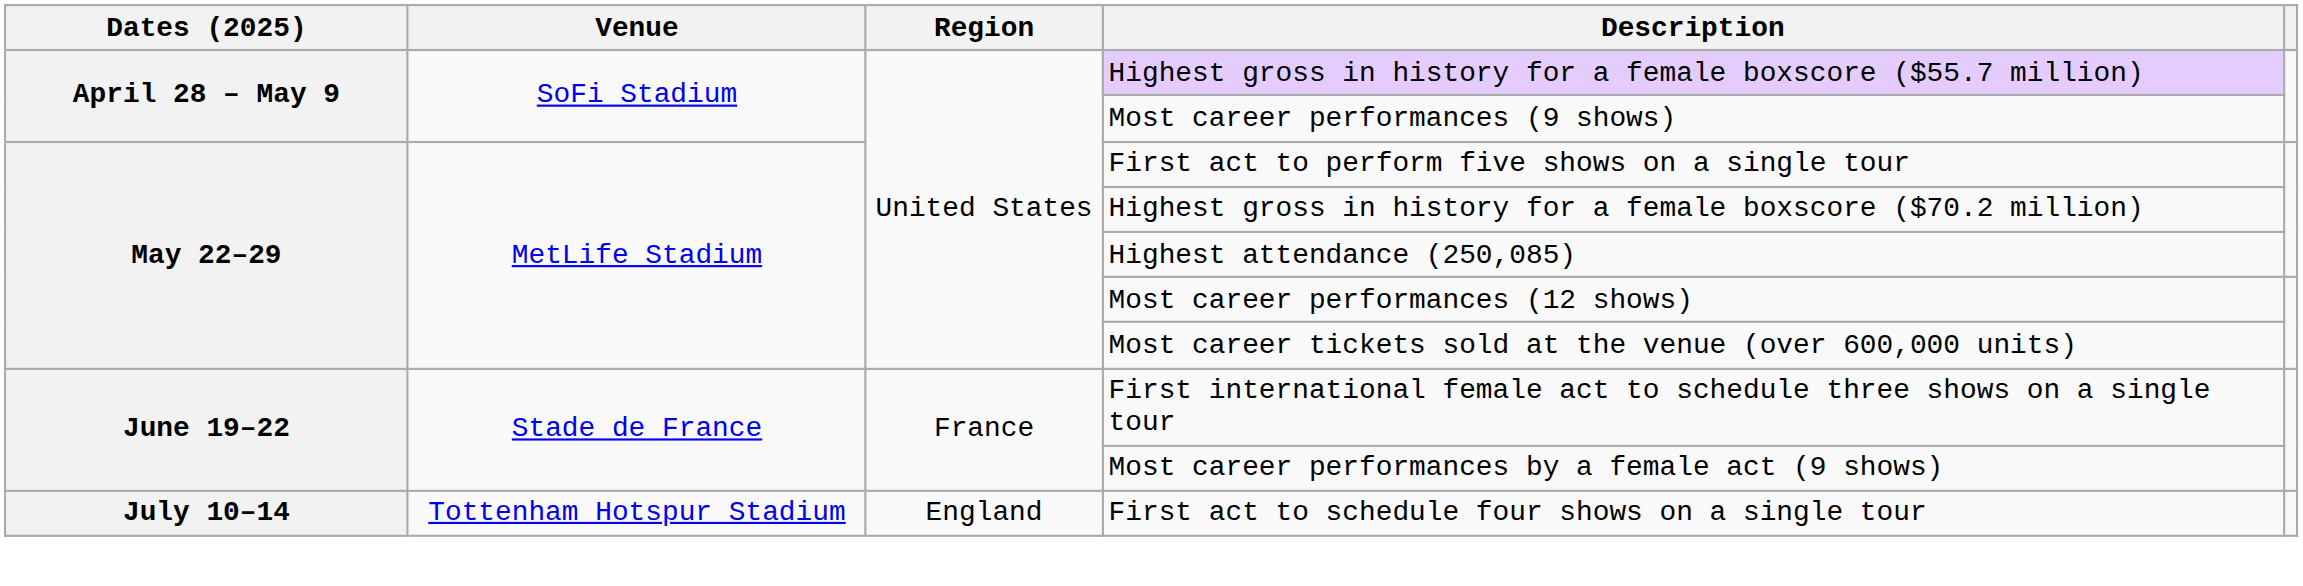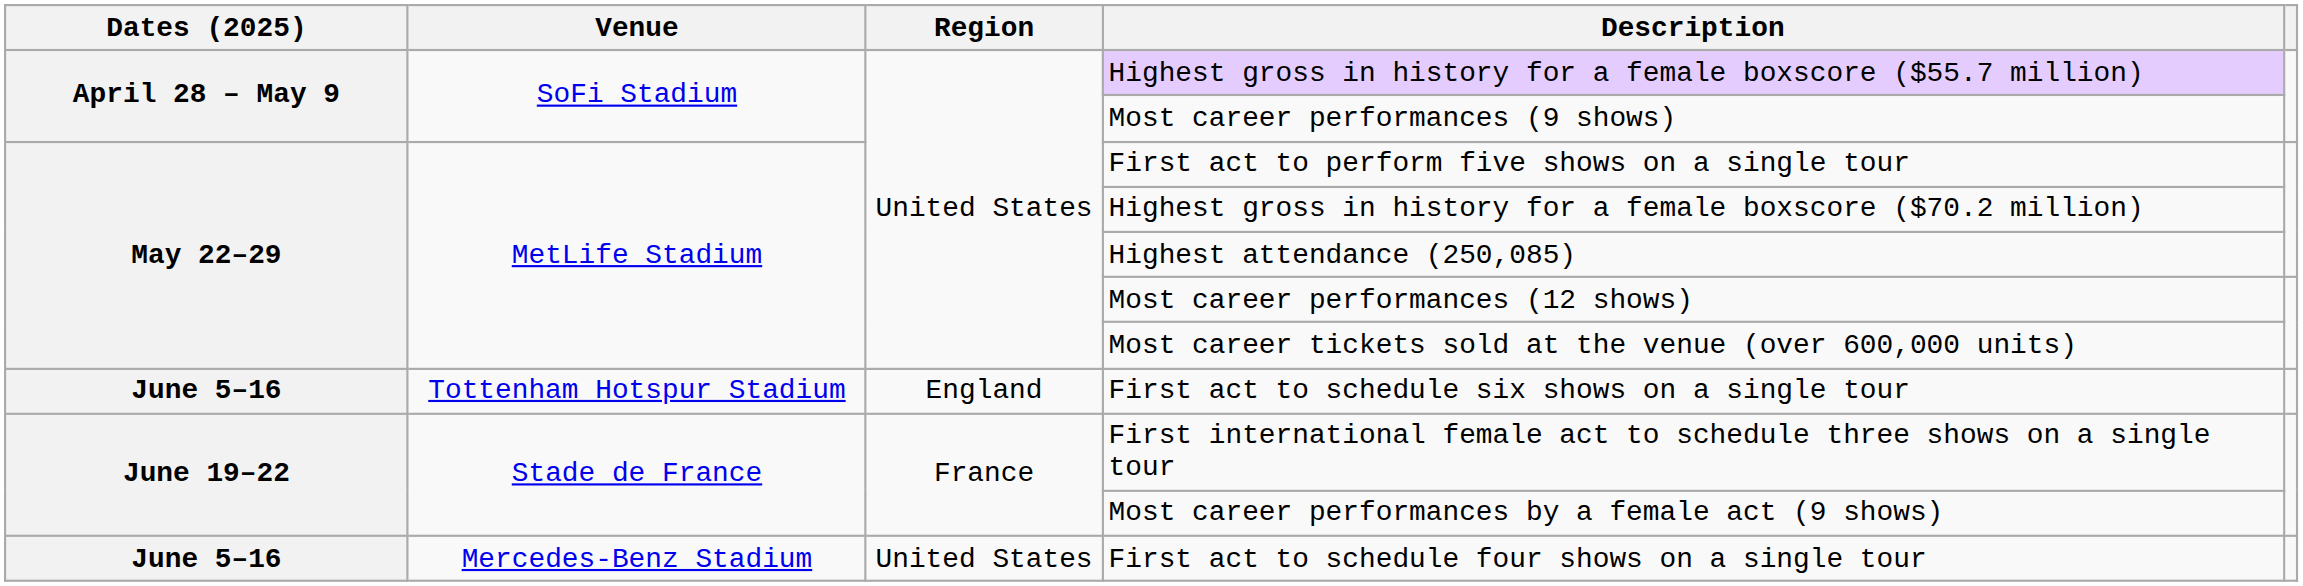 <table class="wikitable sortable plainrowheaders" style="text-align:center;">
 <tr>
 <th scope="col" style="width:14em;">Dates (2025)</th>
 <th scope="col" style="width:16em;">Venue</th>
 <th scope="col" style="width:8em;">Region</th>
 <th scope="col" style="width:42em;">Description</th>
 <th scope="col" class="unsortable"></th>
 </tr>
 <tr>
 <th rowspan="2" scope="rowgroup" style="text-align:center;">April 28 – May 9</th>
 <td rowspan="2"><a href='#'>SoFi Stadium</a></td>
 <td rowspan="7">United States</td>
 <td style="text-align:left; background-color:#E4CDFE;">Highest gross in history for a female boxscore ($55.7 million) </td>
 <td rowspan="2"></td>
 </tr>
 <tr>
 <td style="text-align:left;">Most career performances (9 shows)</td>
 </tr>
 <tr>
 <th rowspan="5" scope="row" style="text-align:center;">May 22–29</th>
 <td rowspan="5"><a href='#'>MetLife Stadium</a></td>
 <td style="text-align:left;">First act to perform five shows on a single tour</td>
 <td rowspan="3"></td>
 </tr>
 <tr>
 <td style="text-align:left;">Highest gross in history for a female boxscore ($70.2 million)</td>
 </tr>
 <tr>
 <td style="text-align:left;">Highest attendance (250,085)</td>
 </tr>
 <tr>
 <td style="text-align:left;">Most career performances (12 shows)</td>
 <td rowspan="2"></td>
 </tr>
 <tr>
 <td style="text-align:left;">Most career tickets sold at the venue (over 600,000 units)</td>
 </tr>
 <tr>
+<th scope="row" style="text-align:center;">June 5–16</th>
+<td><a href='#'>Tottenham Hotspur Stadium</a></td>
+<td>England</td>
+<td style="text-align:left;">First act to schedule six shows on a single tour</td>
+<td></td>
+</tr>
+<tr>
 <th rowspan="2" scope="rowgroup" style="text-align:center;">June 19–22</th>
 <td rowspan="2"><a href='#'>Stade de France</a></td>
 <td rowspan="2">France</td>
 <td style="text-align:left;">First international female act to schedule three shows on a single tour</td>
 <td rowspan="2"></td>
 </tr>
 <tr>
 <td style="text-align:left;">Most career performances by a female act (9 shows)</td>
 </tr>
 <tr>
-<th scope="row" style="text-align:center;">July 10–14</th>
-<td><a href='#'>Tottenham Hotspur Stadium</a></td>
-<td>England</td>
+<th scope="row" style="text-align:center;">June 5–16</th>
+<td><a href='#'>Mercedes-Benz Stadium</a></td>
+<td>United States</td>
 <td style="text-align:left;">First act to schedule four shows on a single tour</td>
 <td></td>
 </tr>
 </table>
